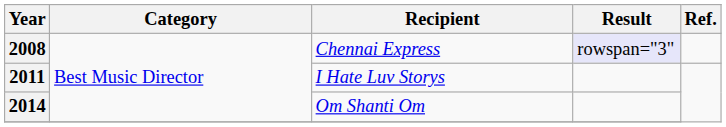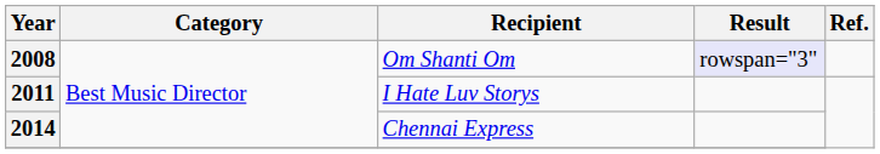 <table class="wikitable plainrowheaders" width="100%" "textcolor:#000;">
 <tr>
 <th scope="col" width=5%><strong>Year</strong></th>
 <th scope="col" width=39%><strong>Category</strong></th>
 <th scope="col" width=39%><strong>Recipient</strong></th>
 <th scope="col" width=15%><strong>Result</strong></th>
 <th scope="col" width=2%><strong>Ref.</strong></th>
 </tr>
 <tr>
 <th scope="row">2008</th>
 <td rowspan="3"><a href='#'>Best Music Director</a></td>
-<td><em><a href='#'>Chennai Express</a></em></td>
+<td><em><a href='#'>Om Shanti Om</a></em></td>
 <td style="background: lavender;">rowspan="3" </td>
 <td></td>
 </tr>
 <tr>
 <th scope="row">2011</th>
 <td><em><a href='#'>I Hate Luv Storys</a></em></td>
 <td></td>
 </tr>
 <tr>
 <th scope="row">2014</th>
-<td><em><a href='#'>Om Shanti Om</a></em></td>
+<td><em><a href='#'>Chennai Express</a></em></td>
 <td></td>
 </tr>
 <tr>
 </tr>
 </table>
